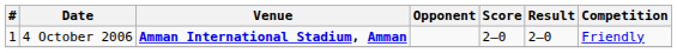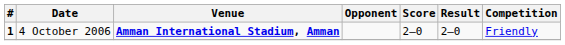 <table class="wikitable">
 <tr>
 <th>#</th>
 <th>Date</th>
 <th>Venue</th>
 <th>Opponent</th>
 <th>Score</th>
 <th>Result</th>
 <th>Competition</th>
 </tr>
 <tr>
-<td>1</td>
+<td><strong>1</strong></td>
 <td>4 October 2006</td>
 <td><strong><a href='#'>Amman International Stadium</a>, <a href='#'>Amman</a></strong></td>
 <td></td>
 <td>2–0</td>
 <td>2–0</td>
 <td><a href='#'>Friendly</a></td>
 </tr>
 <tr>
 </tr>
 </table>
